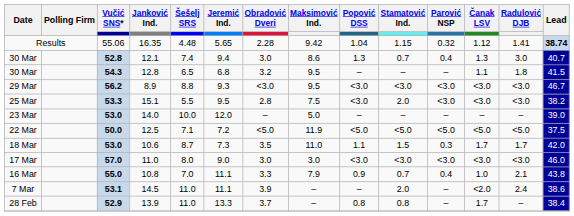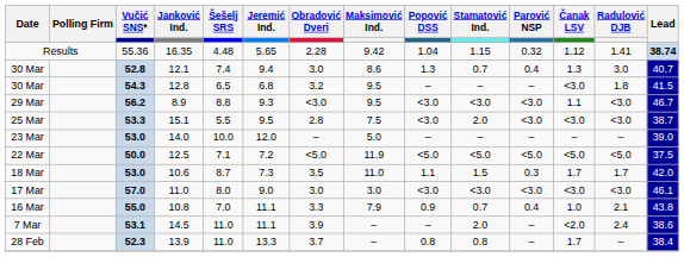 <table class="wikitable" style="text-align:center; font-size:85%; line-height:16px; margin-bottom:0">
 <tr style="height:42px; background:#e9e9e9;">
 <th style="width:90px;" rowspan="2">Date</th>
 <th style="width:140px;" rowspan="2">Polling Firm</th>
 <th style="font-size:95%"><a href='#'>Vučić</a><br><a href='#'>SNS</a>*</th>
 <th style="font-size:95%"><a href='#'>Janković</a><br>Ind.</th>
 <th style="font-size:95%"><a href='#'>Šešelj</a><br><a href='#'>SRS</a></th>
 <th style="font-size:95%"><a href='#'>Jeremić</a><br>Ind.</th>
 <th style="font-size:95%"><a href='#'>Obradović</a><br><a href='#'>Dveri</a></th>
 <th style="font-size:95%"><a href='#'>Maksimović</a><br>Ind.</th>
 <th style="font-size:95%"><a href='#'>Popović</a><br><a href='#'>DSS</a></th>
 <th style="font-size:95%"><a href='#'>Stamatović</a><br>Ind.</th>
 <th style="font-size:95%"><a href='#'>Parović</a><br>NSP</th>
 <th style="font-size:95%"><a href='#'>Čanak</a><br><a href='#'>LSV</a></th>
 <th style="font-size:95%"><a href='#'>Radulović</a><br><a href='#'>DJB</a></th>
 <th style="width:30px;" rowspan="2">Lead</th>
 </tr>
 <tr>
 <th style="background:#000099; width:60px;"></th>
 <th style="background:gray; width:60px;"></th>
 <th style="background:#0000FF; width:60px;"></th>
 <th style="background:#007FFF; width:60px;"></th>
 <th style="background:#DC143C; width:60px;"></th>
 <th style="background:"></th>
 <th style="background:#226688; width:60px;"></th>
 <th style="background:#66EEEE; width:60px;"></th>
 <th style="background:#2874A6; width:60px;"></th>
 <th style="background:#228822; width:60px;"></th>
 <th style="background:"></th>
 </tr>
 <tr>
 <td colspan="2" >Results</td>
-<td>55.06</td>
+<td>55.36</td>
 <td>16.35</td>
 <td>4.48</td>
 <td>5.65</td>
 <td>2.28</td>
 <td>9.42</td>
 <td>1.04</td>
 <td>1.15</td>
 <td>0.32</td>
 <td>1.12</td>
 <td>1.41</td>
 <td style="background: #C8D9EC; color: black; vertical-align: middle; text-align: center;font-weight:bold; ">38.74</td>
 </tr>
 <tr>
 <td>30 Mar</td>
 <td></td>
 <td style="background:#C8D9EC"><strong>52.8</strong></td>
 <td>12.1</td>
 <td>7.4</td>
 <td>9.4</td>
 <td>3.0</td>
 <td>8.6</td>
 <td>1.3</td>
 <td>0.7</td>
 <td>0.4</td>
 <td>1.3</td>
 <td>3.0</td>
 <td style="background:#000099; color:white;">40.7</td>
 </tr>
 <tr>
 <td>30 Mar</td>
 <td></td>
 <td style="background:#C8D9EC"><strong>54.3</strong></td>
 <td>12.8</td>
 <td>6.5</td>
 <td>6.8</td>
 <td>3.2</td>
 <td>9.5</td>
 <td>–</td>
 <td>–</td>
 <td>–</td>
-<td>1.1</td>
+<td><3.0</td>
 <td>1.8</td>
 <td style="background:#000099; color:white;">41.5</td>
 </tr>
 <tr>
 <td>29 Mar</td>
 <td> </td>
 <td style="background:#C8D9EC"><strong>56.2</strong></td>
 <td>8.9</td>
 <td>8.8</td>
 <td>9.3</td>
 <td><3.0</td>
 <td>9.5</td>
 <td><3.0</td>
 <td><3.0</td>
 <td><3.0</td>
-<td><3.0</td>
+<td>1.1</td>
 <td><3.0</td>
 <td style="background:#000099; color:white;">46.7</td>
 </tr>
 <tr>
 <td>25 Mar</td>
 <td></td>
 <td style="background:#C8D9EC"><strong>53.3</strong></td>
 <td>15.1</td>
 <td>5.5</td>
 <td>9.5</td>
 <td>2.8</td>
 <td>7.5</td>
 <td><3.0</td>
 <td>2.0</td>
 <td><3.0</td>
 <td><3.0</td>
 <td><3.0</td>
-<td style="background:#000099; color:white;">38.2</td>
+<td style="background:#000099; color:white;">38.7</td>
 </tr>
 <tr>
 <td>23 Mar</td>
 <td></td>
 <td style="background:#C8D9EC"><strong>53.0</strong></td>
 <td>14.0</td>
 <td>10.0</td>
 <td>12.0</td>
 <td>–</td>
 <td>5.0</td>
 <td>–</td>
 <td>–</td>
 <td>–</td>
 <td>–</td>
 <td>–</td>
 <td style="background:#000099; color:white;">39.0</td>
 </tr>
 <tr>
 <td>22 Mar</td>
 <td></td>
 <td style="background:#C8D9EC"><strong>50.0</strong></td>
 <td>12.5</td>
 <td>7.1</td>
 <td>7.2</td>
 <td><5.0</td>
 <td>11.9</td>
 <td><5.0</td>
 <td><5.0</td>
 <td><5.0</td>
 <td><5.0</td>
 <td><5.0</td>
 <td style="background:#000099; color:white;">37.5</td>
 </tr>
 <tr>
 <td>18 Mar</td>
 <td></td>
 <td style="background:#C8D9EC"><strong>53.0</strong></td>
 <td>10.6</td>
 <td>8.7</td>
 <td>7.3</td>
 <td>3.5</td>
 <td>11.0</td>
 <td>1.1</td>
 <td>1.5</td>
 <td>0.3</td>
 <td>1.7</td>
 <td>1.7</td>
 <td style="background:#000099; color:white;">42.0</td>
 </tr>
 <tr>
 <td>17 Mar</td>
 <td></td>
 <td style="background:#C8D9EC"><strong>57.0</strong></td>
 <td>11.0</td>
 <td>8.0</td>
 <td>9.0</td>
 <td>3.0</td>
 <td>3.0</td>
 <td><3.0</td>
 <td><3.0</td>
 <td><3.0</td>
 <td><3.0</td>
 <td><3.0</td>
-<td style="background:#000099; color:white;">46.0</td>
+<td style="background:#000099; color:white;">46.1</td>
 </tr>
 <tr>
 <td>16 Mar</td>
 <td></td>
 <td style="background:#C8D9EC"><strong>55.0</strong></td>
 <td>10.8</td>
 <td>7.0</td>
 <td>11.1</td>
 <td>3.3</td>
 <td>7.9</td>
 <td>0.9</td>
 <td>0.7</td>
 <td>0.4</td>
 <td>1.0</td>
 <td>2.1</td>
 <td style="background:#000099; color:white;">43.8</td>
 </tr>
 <tr>
 <td>7 Mar</td>
 <td></td>
 <td style="background:#C8D9EC"><strong>53.1</strong></td>
 <td>14.5</td>
 <td>11.0</td>
 <td>11.1</td>
 <td>3.9</td>
 <td>–</td>
 <td>–</td>
 <td>2.0</td>
 <td>–</td>
 <td><2.0</td>
 <td>2.4</td>
 <td style="background:#000099; color:white;">38.6</td>
 </tr>
 <tr>
 <td>28 Feb</td>
 <td></td>
-<td style="background:#C8D9EC"><strong>52.9</strong></td>
+<td style="background:#C8D9EC"><strong>52.3</strong></td>
 <td>13.9</td>
 <td>11.0</td>
 <td>13.3</td>
 <td>3.7</td>
 <td>–</td>
 <td>0.8</td>
 <td>0.8</td>
 <td>–</td>
 <td>1.7</td>
 <td>–</td>
 <td style="background:#000099; color:white;">38.4</td>
 </tr>
 <tr>
 </tr>
 </table>
